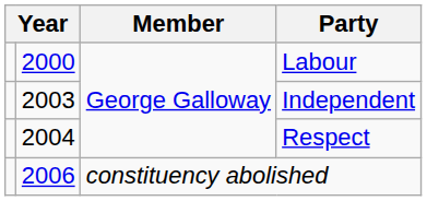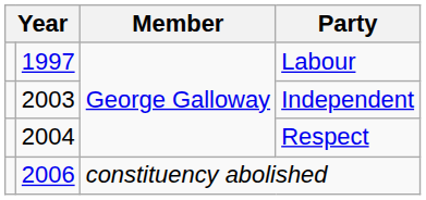 <table class="wikitable">
 <tr>
 <th colspan="2">Year</th>
 <th>Member</th>
 <th>Party</th>
 </tr>
 <tr>
 <td style="color:inherit;background-color: "></td>
-<td><a href='#'>2000</a></td>
+<td><a href='#'>1997</a></td>
 <td rowspan="3"><a href='#'>George Galloway</a></td>
 <td><a href='#'>Labour</a></td>
 </tr>
 <tr>
 <td style="color:inherit;background-color: "></td>
 <td>2003</td>
 <td><a href='#'>Independent</a></td>
 </tr>
 <tr>
 <td style="color:inherit;background-color: "></td>
 <td>2004</td>
 <td><a href='#'>Respect</a></td>
 </tr>
 <tr>
 <td></td>
 <td><a href='#'>2006</a></td>
 <td colspan="2"><em>constituency abolished</em></td>
 </tr>
 </table>
